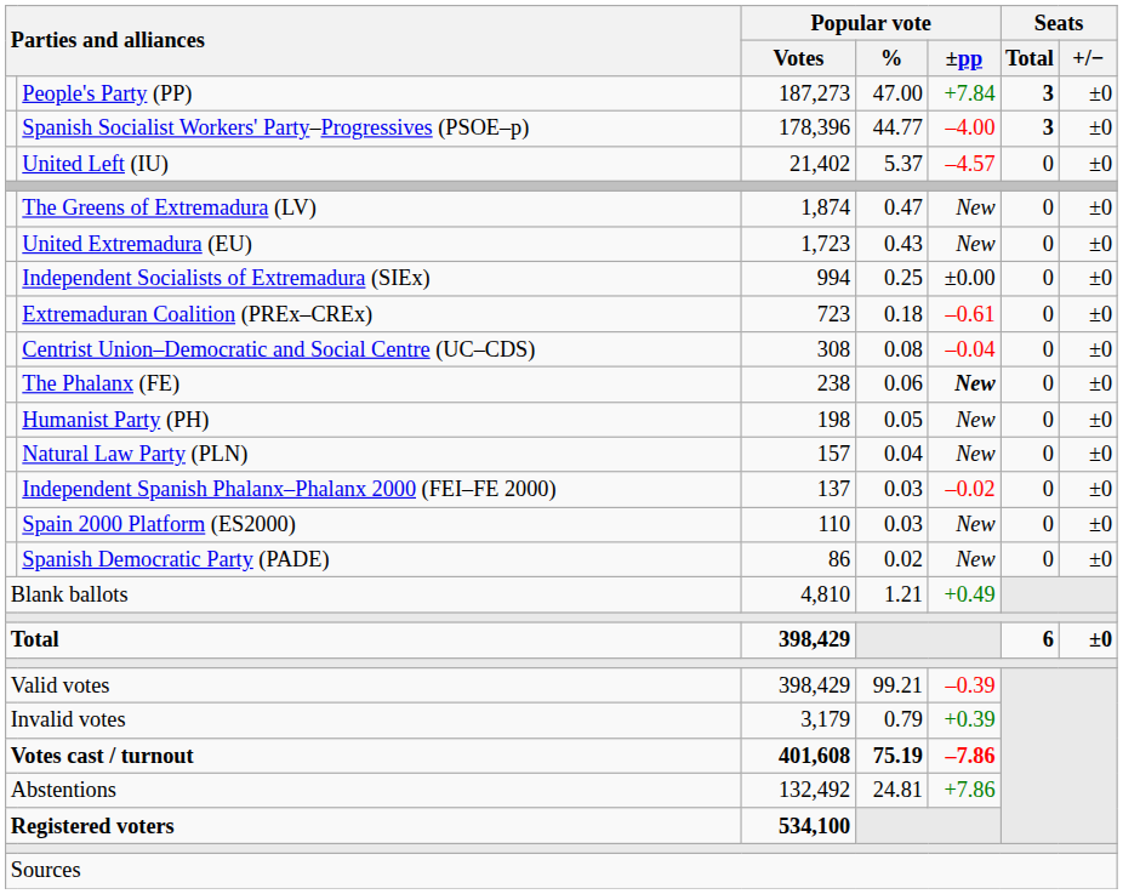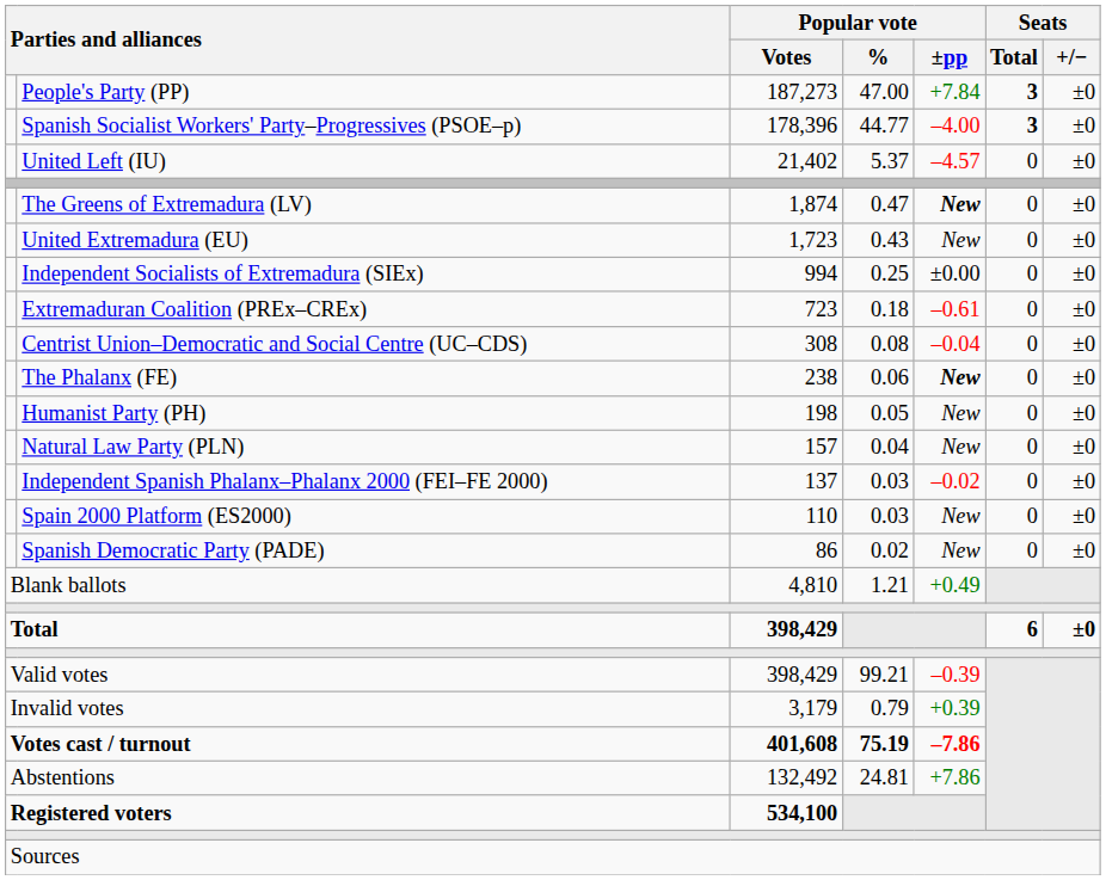 <table class="wikitable" style="text-align:right;">
 <tr>
 <th style="text-align:left;" rowspan="2" colspan="2" width="525">Parties and alliances</th>
 <th colspan="3">Popular vote</th>
 <th colspan="2">Seats</th>
 </tr>
 <tr>
 <th width="75">Votes</th>
 <th width="45">%</th>
 <th width="45">±<a href='#'>pp</a></th>
 <th width="35">Total</th>
 <th width="35">+/−</th>
 </tr>
 <tr>
 <td width="1" style="color:inherit;background:"></td>
 <td align="left"><a href='#'>People's Party</a> (PP)</td>
 <td>187,273</td>
 <td>47.00</td>
 <td style="color:green;">+7.84</td>
 <td><strong>3</strong></td>
 <td>±0</td>
 </tr>
 <tr>
 <td style="color:inherit;background:"></td>
 <td align="left"><a href='#'>Spanish Socialist Workers' Party</a>–<a href='#'>Progressives</a> (PSOE–p)</td>
 <td>178,396</td>
 <td>44.77</td>
 <td style="color:red;">–4.00</td>
 <td><strong>3</strong></td>
 <td>±0</td>
 </tr>
 <tr>
 <td style="color:inherit;background:"></td>
 <td align="left"><a href='#'>United Left</a> (IU)</td>
 <td>21,402</td>
 <td>5.37</td>
 <td style="color:red;">–4.57</td>
 <td>0</td>
 <td>±0</td>
 </tr>
 <tr>
 <td colspan="7" bgcolor="#C0C0C0"></td>
 </tr>
 <tr>
 <td style="color:inherit;background:"></td>
 <td align="left"><a href='#'>The Greens of Extremadura</a> (LV)</td>
 <td>1,874</td>
 <td>0.47</td>
-<td><em>New</em></td>
+<td><strong><em>New</em></strong></td>
 <td>0</td>
 <td>±0</td>
 </tr>
 <tr>
 <td style="color:inherit;background:"></td>
 <td align="left"><a href='#'>United Extremadura</a> (EU)</td>
 <td>1,723</td>
 <td>0.43</td>
 <td><em>New</em></td>
 <td>0</td>
 <td>±0</td>
 </tr>
 <tr>
 <td style="color:inherit;background:"></td>
 <td align="left"><a href='#'>Independent Socialists of Extremadura</a> (SIEx)</td>
 <td>994</td>
 <td>0.25</td>
 <td>±0.00</td>
 <td>0</td>
 <td>±0</td>
 </tr>
 <tr>
 <td style="color:inherit;background:"></td>
 <td align="left"><a href='#'>Extremaduran Coalition</a> (PREx–CREx)</td>
 <td>723</td>
 <td>0.18</td>
 <td style="color:red;">–0.61</td>
 <td>0</td>
 <td>±0</td>
 </tr>
 <tr>
 <td style="color:inherit;background:"></td>
 <td align="left"><a href='#'>Centrist Union–Democratic and Social Centre</a> (UC–CDS)</td>
 <td>308</td>
 <td>0.08</td>
 <td style="color:red;">–0.04</td>
 <td>0</td>
 <td>±0</td>
 </tr>
 <tr>
 <td style="color:inherit;background:"></td>
 <td align="left"><a href='#'>The Phalanx</a> (FE)</td>
 <td>238</td>
 <td>0.06</td>
 <td><strong><em>New</em></strong></td>
 <td>0</td>
 <td>±0</td>
 </tr>
 <tr>
 <td style="color:inherit;background:"></td>
 <td align="left"><a href='#'>Humanist Party</a> (PH)</td>
 <td>198</td>
 <td>0.05</td>
 <td><em>New</em></td>
 <td>0</td>
 <td>±0</td>
 </tr>
 <tr>
 <td style="color:inherit;background:"></td>
 <td align="left"><a href='#'>Natural Law Party</a> (PLN)</td>
 <td>157</td>
 <td>0.04</td>
 <td><em>New</em></td>
 <td>0</td>
 <td>±0</td>
 </tr>
 <tr>
 <td style="color:inherit;background:"></td>
 <td align="left"><a href='#'>Independent Spanish Phalanx–Phalanx 2000</a> (FEI–FE 2000)</td>
 <td>137</td>
 <td>0.03</td>
 <td style="color:red;">–0.02</td>
 <td>0</td>
 <td>±0</td>
 </tr>
 <tr>
 <td style="color:inherit;background:"></td>
 <td align="left"><a href='#'>Spain 2000 Platform</a> (ES2000)</td>
 <td>110</td>
 <td>0.03</td>
 <td><em>New</em></td>
 <td>0</td>
 <td>±0</td>
 </tr>
 <tr>
 <td style="color:inherit;background:"></td>
 <td align="left"><a href='#'>Spanish Democratic Party</a> (PADE)</td>
 <td>86</td>
 <td>0.02</td>
 <td><em>New</em></td>
 <td>0</td>
 <td>±0</td>
 </tr>
 <tr>
 <td align="left" colspan="2">Blank ballots</td>
 <td>4,810</td>
 <td>1.21</td>
 <td style="color:green;">+0.49</td>
 <td bgcolor="#E9E9E9" colspan="2"></td>
 </tr>
 <tr>
 <td colspan="7" bgcolor="#E9E9E9"></td>
 </tr>
 <tr style="font-weight:bold;">
 <td align="left" colspan="2">Total</td>
 <td>398,429</td>
 <td bgcolor="#E9E9E9" colspan="2"></td>
 <td>6</td>
 <td>±0</td>
 </tr>
 <tr>
 <td colspan="7" bgcolor="#E9E9E9"></td>
 </tr>
 <tr>
 <td align="left" colspan="2">Valid votes</td>
 <td>398,429</td>
 <td>99.21</td>
 <td style="color:red;">–0.39</td>
 <td bgcolor="#E9E9E9" colspan="2" rowspan="5"></td>
 </tr>
 <tr>
 <td align="left" colspan="2">Invalid votes</td>
 <td>3,179</td>
 <td>0.79</td>
 <td style="color:green;">+0.39</td>
 </tr>
 <tr style="font-weight:bold;">
 <td align="left" colspan="2">Votes cast / turnout</td>
 <td>401,608</td>
 <td>75.19</td>
 <td style="color:red;">–7.86</td>
 </tr>
 <tr>
 <td align="left" colspan="2">Abstentions</td>
 <td>132,492</td>
 <td>24.81</td>
 <td style="color:green;">+7.86</td>
 </tr>
 <tr style="font-weight:bold;">
 <td align="left" colspan="2">Registered voters</td>
 <td>534,100</td>
 <td bgcolor="#E9E9E9" colspan="2"></td>
 </tr>
 <tr>
 <td colspan="7" bgcolor="#E9E9E9"></td>
 </tr>
 <tr>
 <td align="left" colspan="7">Sources</td>
 </tr>
 </table>
